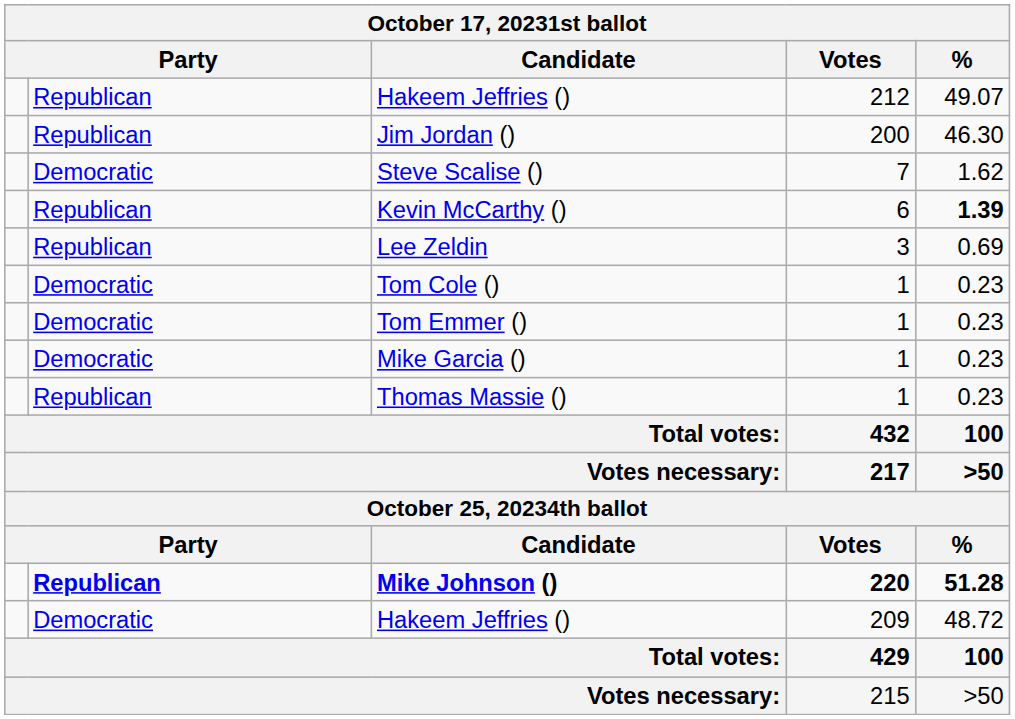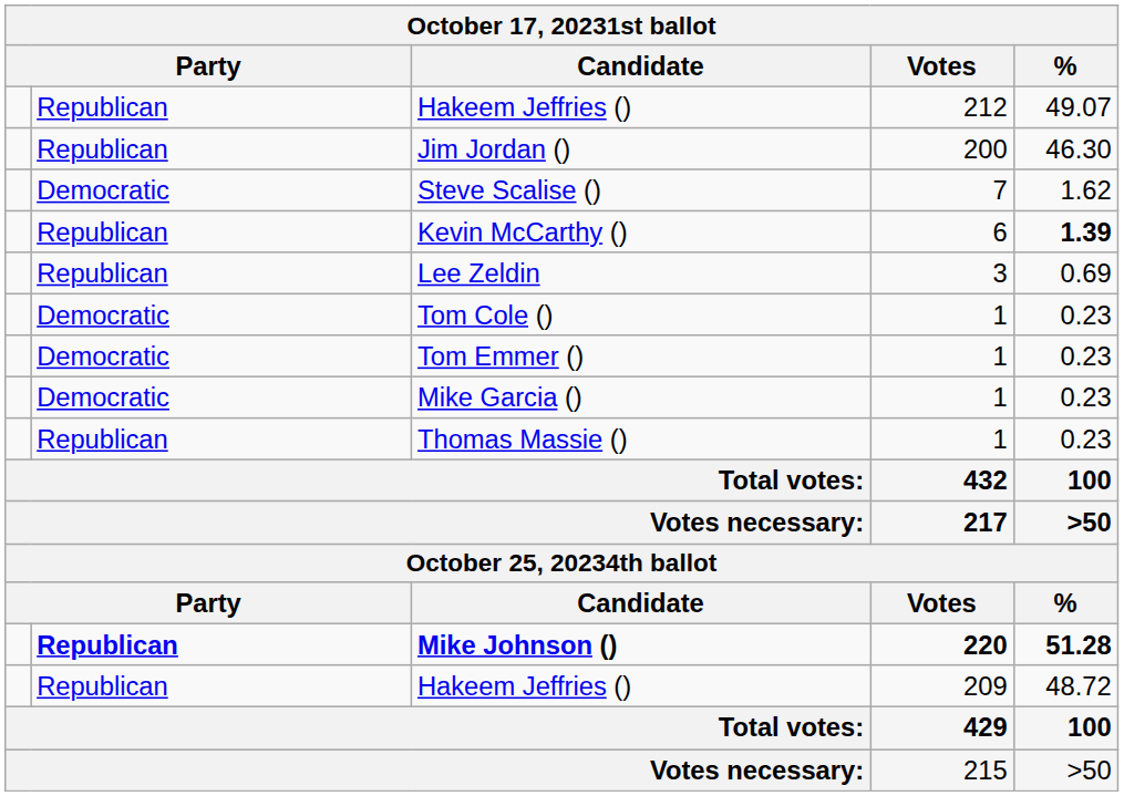 <table class="wikitable" style="margin-right:1em; font-size:95%">
 <tr>
 <th colspan=5 style="font-size:95%">October 17, 20231st ballot</th>
 </tr>
 <tr>
 <th scope="col" colspan="2" style="width: 15em">Party</th>
 <th scope="col" style="width: 17em">Candidate</th>
 <th scope="col" style="width: 5em">Votes</th>
 <th scope="col" style="width: 3.5em">%</th>
 </tr>
 <tr>
 <td style="width: 0.5em; background:"></td>
 <td><a href='#'>Republican</a></td>
 <td><a href='#'>Hakeem Jeffries</a> ()</td>
 <td style="text-align:right">212</td>
 <td style="text-align:right">49.07</td>
 </tr>
 <tr>
 <td style="background:"></td>
 <td><a href='#'>Republican</a></td>
 <td><a href='#'>Jim Jordan</a> ()</td>
 <td style="text-align:right">200</td>
 <td style="text-align:right">46.30</td>
 </tr>
 <tr>
 <td style="background:"></td>
 <td><a href='#'>Democratic</a></td>
 <td><a href='#'>Steve Scalise</a> ()</td>
 <td style="text-align:right">7</td>
 <td style="text-align:right">1.62</td>
 </tr>
 <tr>
 <td style="background:"></td>
 <td><a href='#'>Republican</a></td>
 <td><a href='#'>Kevin McCarthy</a> ()</td>
 <td style="text-align:right">6</td>
 <td style="text-align:right"><strong>1.39</strong></td>
 </tr>
 <tr>
 <td style="background:"></td>
 <td><a href='#'>Republican</a></td>
 <td><a href='#'>Lee Zeldin</a></td>
 <td style="text-align:right">3</td>
 <td style="text-align:right">0.69</td>
 </tr>
 <tr>
 <td style="background:"></td>
 <td><a href='#'>Democratic</a></td>
 <td><a href='#'>Tom Cole</a> ()</td>
 <td style="text-align:right">1</td>
 <td style="text-align:right">0.23</td>
 </tr>
 <tr>
 <td style="background:"></td>
 <td><a href='#'>Democratic</a></td>
 <td><a href='#'>Tom Emmer</a> ()</td>
 <td style="text-align:right">1</td>
 <td style="text-align:right">0.23</td>
 </tr>
 <tr>
 <td style="background:"></td>
 <td><a href='#'>Democratic</a></td>
 <td><a href='#'>Mike Garcia</a> ()</td>
 <td style="text-align:right">1</td>
 <td style="text-align:right">0.23</td>
 </tr>
 <tr>
 <td style="background:"></td>
 <td><a href='#'>Republican</a></td>
 <td><a href='#'>Thomas Massie</a> ()</td>
 <td style="text-align:right">1</td>
 <td style="text-align:right">0.23</td>
 </tr>
 <tr>
 <th colspan=3 style="text-align:right">Total votes:</th>
 <td style="text-align:right; background:#f5f5f5"><strong>432</strong></td>
 <td style="text-align:right; background:#f5f5f5"><strong>100</strong></td>
 </tr>
 <tr>
 <th colspan=3 style="text-align:right">Votes necessary:</th>
 <td style="text-align:right; background:#f5f5f5"><strong>217</strong></td>
 <td style="text-align:right; background:#f5f5f5"><strong>>50</strong></td>
 </tr>
 <tr>
 <th colspan=5 style="font-size:95%">October 25, 20234th ballot</th>
 </tr>
 <tr>
 <th scope="col" colspan="2" style="width: 15em">Party</th>
 <th scope="col" style="width: 17em">Candidate</th>
 <th scope="col" style="width: 5em">Votes</th>
 <th scope="col" style="width: 3.5em">%</th>
 </tr>
 <tr>
 <td style="background:"></td>
 <td><strong><a href='#'>Republican</a></strong></td>
 <td><strong><a href='#'>Mike Johnson</a> ()</strong></td>
 <td style="text-align:right"><strong>220</strong></td>
 <td style="text-align:right"><strong>51.28</strong></td>
 </tr>
 <tr>
 <td style="background:"></td>
-<td><a href='#'>Democratic</a></td>
+<td><a href='#'>Republican</a></td>
 <td><a href='#'>Hakeem Jeffries</a> ()</td>
 <td style="text-align:right">209</td>
 <td style="text-align:right">48.72</td>
 </tr>
 <tr>
 <th colspan=3 style="text-align:right">Total votes:</th>
 <td style="text-align:right; background:#f5f5f5"><strong>429</strong></td>
 <td style="text-align:right; background:#f5f5f5"><strong>100</strong></td>
 </tr>
 <tr>
 <th colspan=3 style="text-align:right">Votes necessary:</th>
 <td style="text-align:right; background:#f5f5f5">215</td>
 <td style="text-align:right; background:#f5f5f5">>50</td>
 </tr>
 </table>
